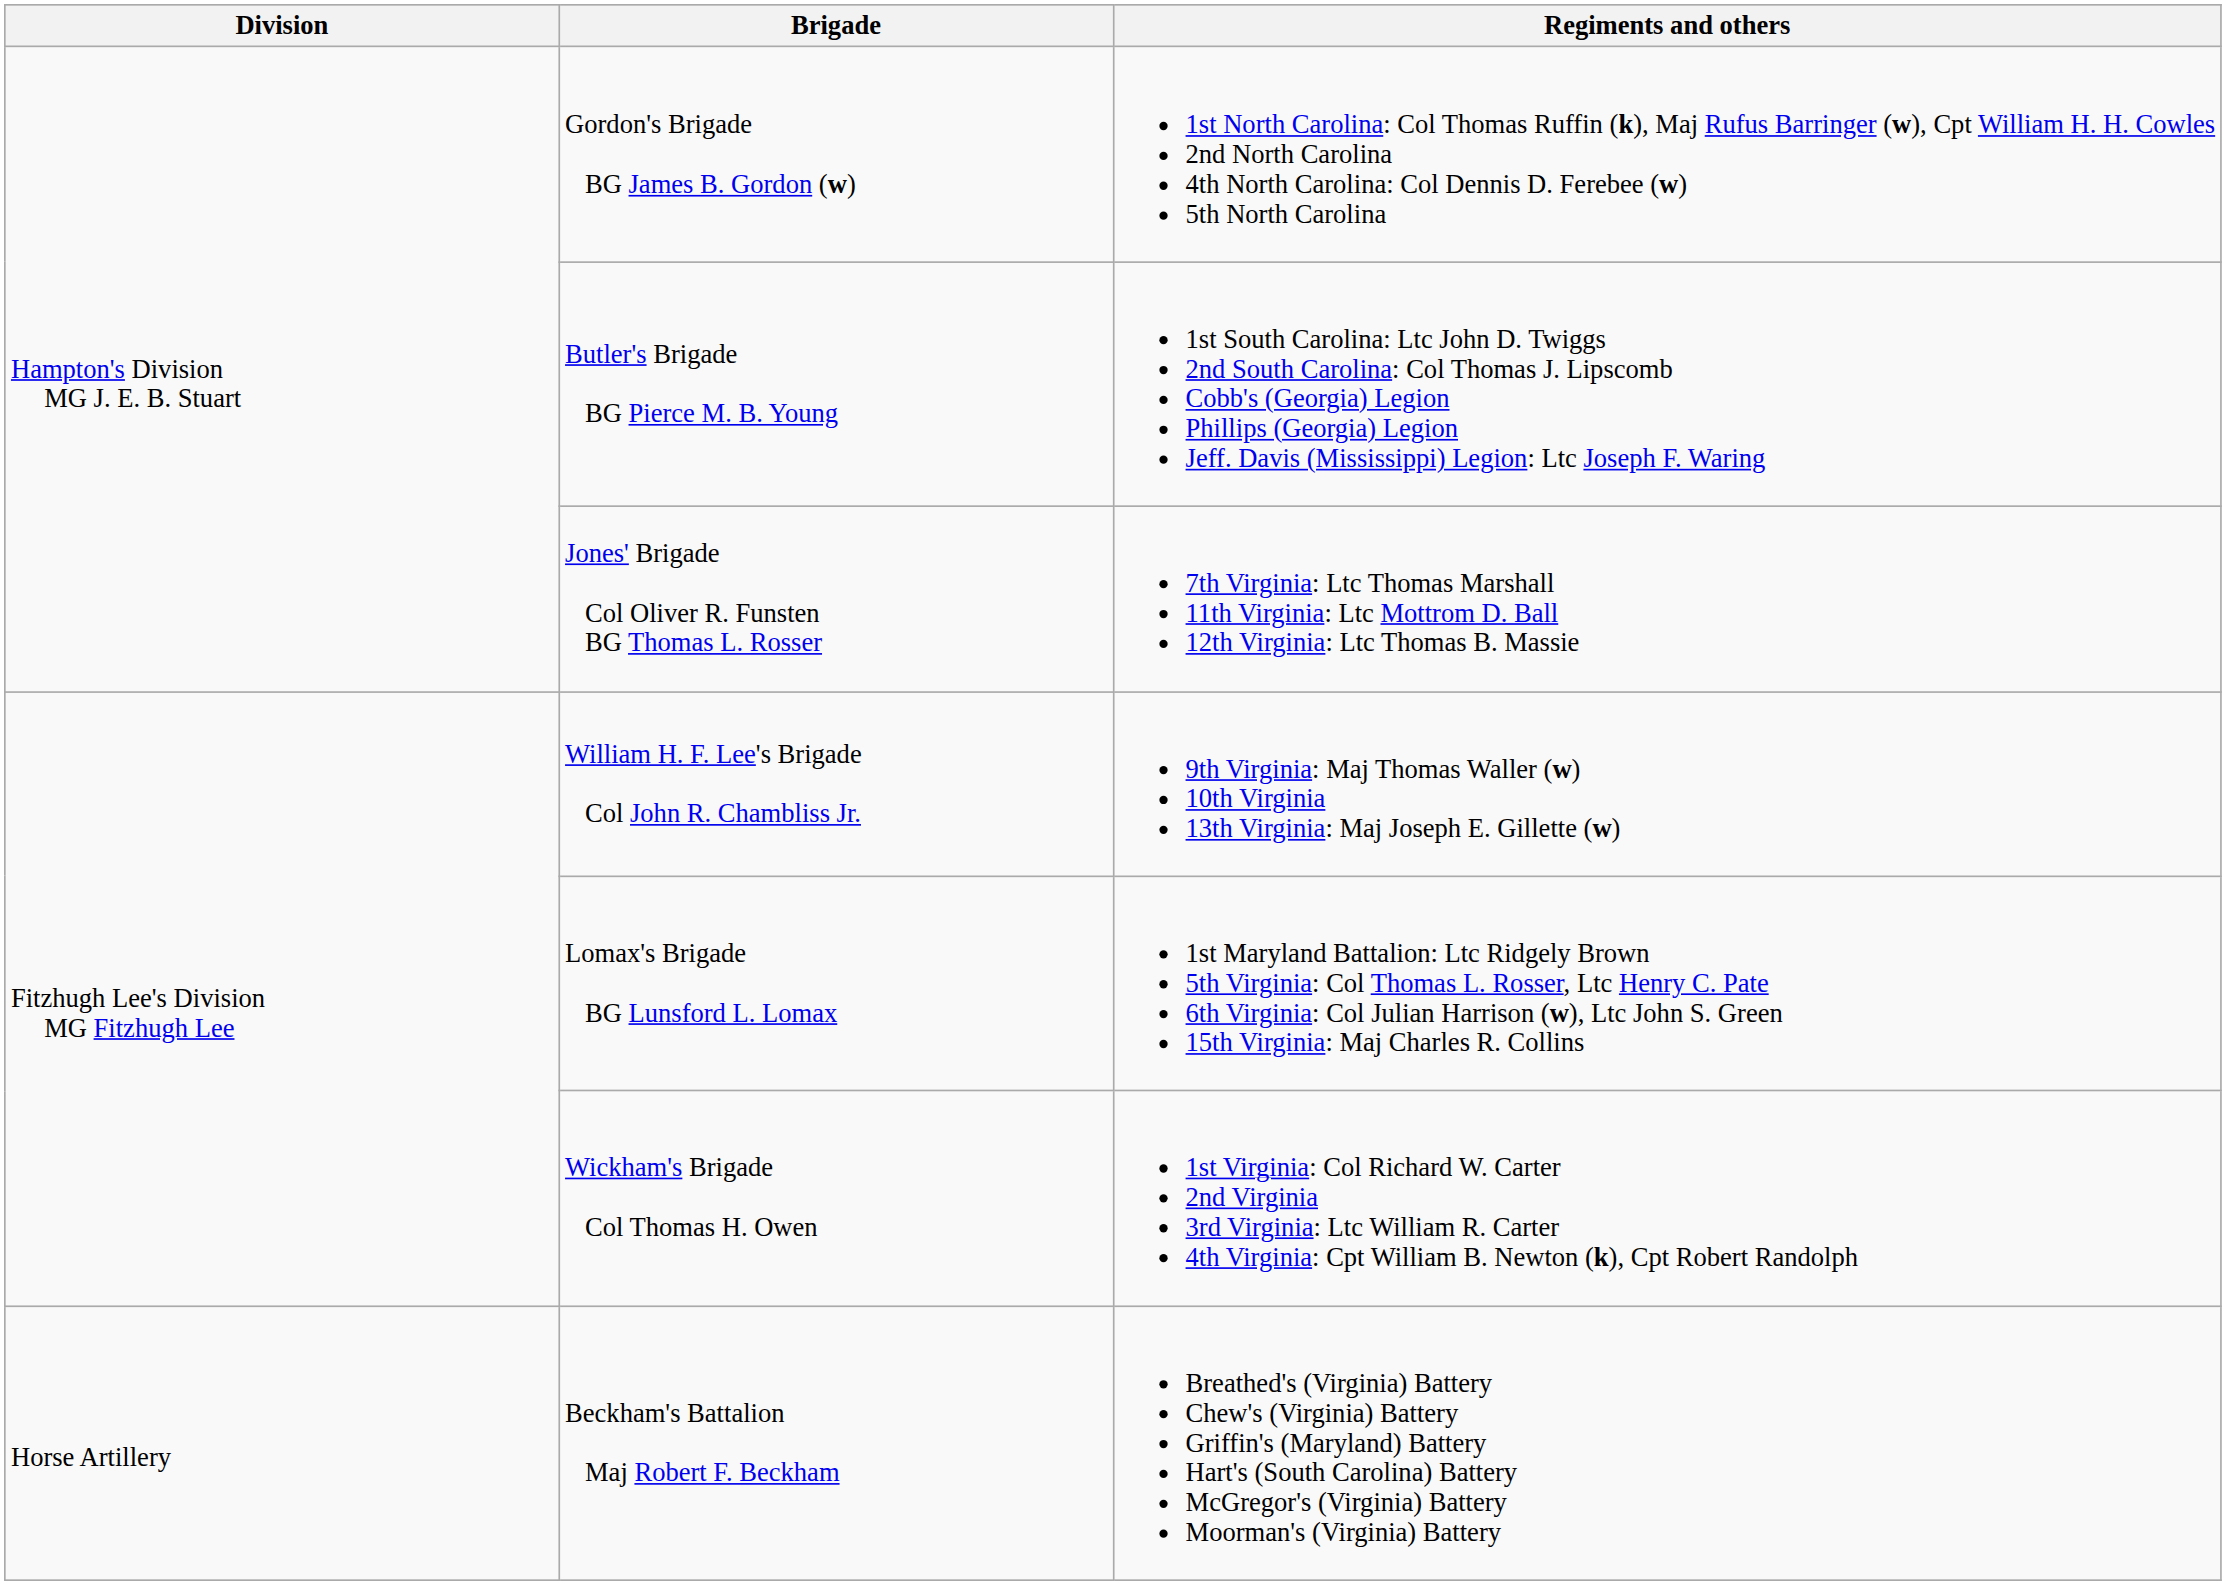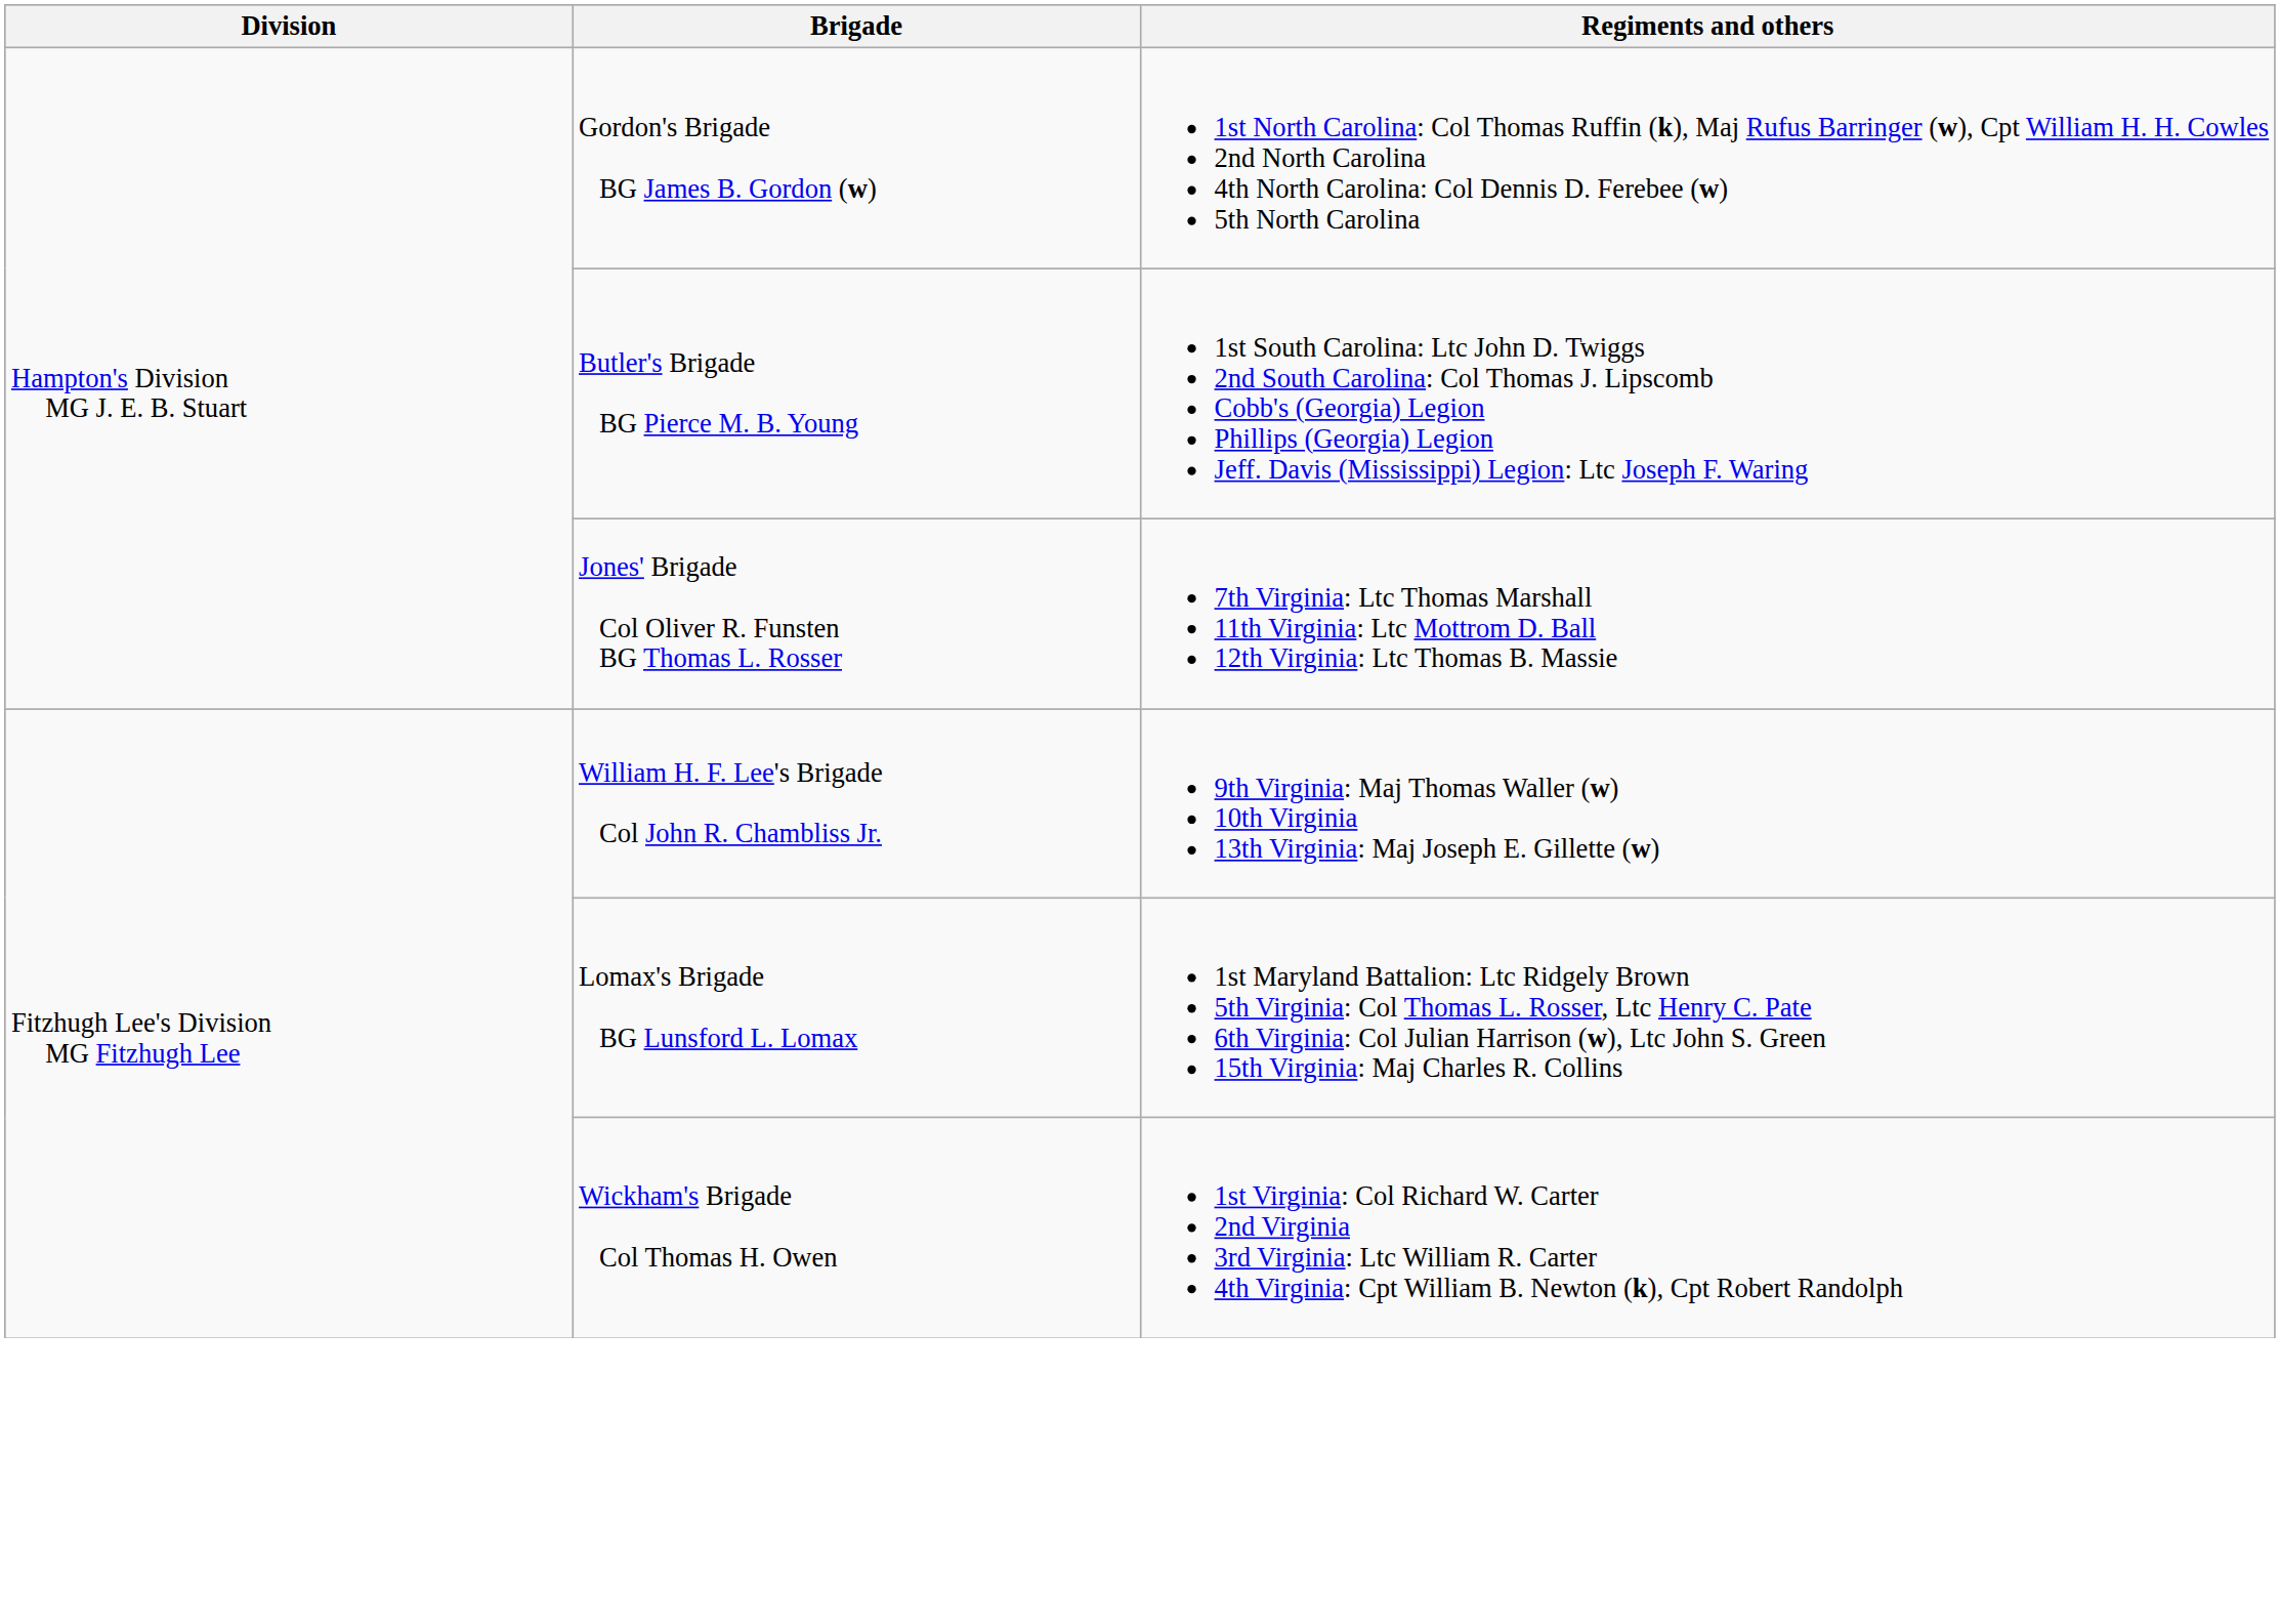 <table class="wikitable">
 <tr>
 <th width=25%>Division</th>
 <th width=25%>Brigade</th>
 <th>Regiments and others</th>
 </tr>
 <tr>
 <td rowspan=3><br><a href='#'>Hampton's</a> Division <br>     MG J. E. B. Stuart</td>
 <td>Gordon's Brigade<br><br>   BG <a href='#'>James B. Gordon</a> (<strong>w</strong>)</td>
 <td><br><ul><li><a href='#'>1st North Carolina</a>: Col Thomas Ruffin (<strong>k</strong>), Maj <a href='#'>Rufus Barringer</a> (<strong>w</strong>), Cpt <a href='#'>William H. H. Cowles</a></li><li>2nd North Carolina</li><li>4th North Carolina: Col Dennis D. Ferebee (<strong>w</strong>)</li><li>5th North Carolina</li></ul></td>
 </tr>
 <tr>
 <td><a href='#'>Butler's</a> Brigade<br><br>   BG <a href='#'>Pierce M. B. Young</a></td>
 <td><br><ul><li>1st South Carolina: Ltc John D. Twiggs</li><li><a href='#'>2nd South Carolina</a>: Col Thomas J. Lipscomb</li><li><a href='#'>Cobb's (Georgia) Legion</a></li><li><a href='#'>Phillips (Georgia) Legion</a></li><li><a href='#'>Jeff. Davis (Mississippi) Legion</a>: Ltc <a href='#'>Joseph F. Waring</a></li></ul></td>
 </tr>
 <tr>
 <td><a href='#'>Jones'</a> Brigade<br><br>   Col Oliver R. Funsten <br>   BG <a href='#'>Thomas L. Rosser</a></td>
 <td><br><ul><li><a href='#'>7th Virginia</a>: Ltc Thomas Marshall</li><li><a href='#'>11th Virginia</a>: Ltc <a href='#'>Mottrom D. Ball</a></li><li><a href='#'>12th Virginia</a>: Ltc Thomas B. Massie</li></ul></td>
 </tr>
 <tr>
 <td rowspan=3><br>Fitzhugh Lee's Division <br>     MG <a href='#'>Fitzhugh Lee</a></td>
 <td><a href='#'>William H. F. Lee</a>'s Brigade<br><br>   Col <a href='#'>John R. Chambliss Jr.</a></td>
 <td><br><ul><li><a href='#'>9th Virginia</a>: Maj Thomas Waller (<strong>w</strong>)</li><li><a href='#'>10th Virginia</a></li><li><a href='#'>13th Virginia</a>: Maj Joseph E. Gillette (<strong>w</strong>)</li></ul></td>
 </tr>
 <tr>
 <td>Lomax's Brigade<br><br>   BG <a href='#'>Lunsford L. Lomax</a></td>
 <td><br><ul><li>1st Maryland Battalion: Ltc Ridgely Brown</li><li><a href='#'>5th Virginia</a>: Col <a href='#'>Thomas L. Rosser</a>, Ltc <a href='#'>Henry C. Pate</a></li><li><a href='#'>6th Virginia</a>: Col Julian Harrison (<strong>w</strong>), Ltc John S. Green</li><li><a href='#'>15th Virginia</a>: Maj Charles R. Collins</li></ul></td>
 </tr>
 <tr>
 <td><a href='#'>Wickham's</a> Brigade<br><br>   Col Thomas H. Owen</td>
 <td><br><ul><li><a href='#'>1st Virginia</a>: Col Richard W. Carter</li><li><a href='#'>2nd Virginia</a></li><li><a href='#'>3rd Virginia</a>: Ltc William R. Carter</li><li><a href='#'>4th Virginia</a>: Cpt William B. Newton (<strong>k</strong>), Cpt Robert Randolph</li></ul></td>
 </tr>
-<tr>
-<td rowspan=1><br>Horse Artillery</td>
-<td>Beckham's Battalion<br><br>   Maj <a href='#'>Robert F. Beckham</a></td>
-<td><br><ul><li>Breathed's (Virginia) Battery</li><li>Chew's (Virginia) Battery</li><li>Griffin's (Maryland) Battery</li><li>Hart's (South Carolina) Battery</li><li>McGregor's (Virginia) Battery</li><li>Moorman's (Virginia) Battery</li></ul></td>
-</tr>
 </table>
